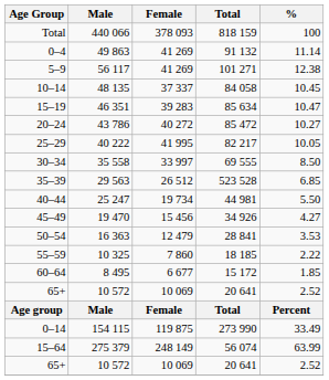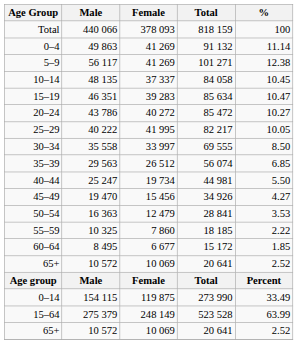 <table class="wikitable">
 <tr>
 <th width="80pt">Age Group</th>
 <th width="80pt">Male</th>
 <th width="80pt">Female</th>
 <th width="80pt">Total</th>
 <th width="80pt">%</th>
 </tr>
 <tr>
 <td align="right">Total</td>
 <td align="right">440 066</td>
 <td align="right">378 093</td>
 <td align="right">818 159</td>
 <td align="right">100</td>
 </tr>
 <tr>
 <td align="right">0–4</td>
 <td align="right">49 863</td>
 <td align="right">41 269</td>
 <td align="right">91 132</td>
 <td align="right">11.14</td>
 </tr>
 <tr>
 <td align="right">5–9</td>
 <td align="right">56 117</td>
 <td align="right">41 269</td>
 <td align="right">101 271</td>
 <td align="right">12.38</td>
 </tr>
 <tr>
 <td align="right">10–14</td>
 <td align="right">48 135</td>
 <td align="right">37 337</td>
 <td align="right">84 058</td>
 <td align="right">10.45</td>
 </tr>
 <tr>
 <td align="right">15–19</td>
 <td align="right">46 351</td>
 <td align="right">39 283</td>
 <td align="right">85 634</td>
 <td align="right">10.47</td>
 </tr>
 <tr>
 <td align="right">20–24</td>
 <td align="right">43 786</td>
 <td align="right">40 272</td>
 <td align="right">85 472</td>
 <td align="right">10.27</td>
 </tr>
 <tr>
 <td align="right">25–29</td>
 <td align="right">40 222</td>
 <td align="right">41 995</td>
 <td align="right">82 217</td>
 <td align="right">10.05</td>
 </tr>
 <tr>
 <td align="right">30–34</td>
 <td align="right">35 558</td>
 <td align="right">33 997</td>
 <td align="right">69 555</td>
 <td align="right">8.50</td>
 </tr>
 <tr>
 <td align="right">35–39</td>
 <td align="right">29 563</td>
 <td align="right">26 512</td>
-<td align="right">523 528</td>
+<td align="right">56 074</td>
 <td align="right">6.85</td>
 </tr>
 <tr>
 <td align="right">40–44</td>
 <td align="right">25 247</td>
 <td align="right">19 734</td>
 <td align="right">44 981</td>
 <td align="right">5.50</td>
 </tr>
 <tr>
 <td align="right">45–49</td>
 <td align="right">19 470</td>
 <td align="right">15 456</td>
 <td align="right">34 926</td>
 <td align="right">4.27</td>
 </tr>
 <tr>
 <td align="right">50–54</td>
 <td align="right">16 363</td>
 <td align="right">12 479</td>
 <td align="right">28 841</td>
 <td align="right">3.53</td>
 </tr>
 <tr>
 <td align="right">55–59</td>
 <td align="right">10 325</td>
 <td align="right">7 860</td>
 <td align="right">18 185</td>
 <td align="right">2.22</td>
 </tr>
 <tr>
 <td align="right">60–64</td>
 <td align="right">8 495</td>
 <td align="right">6 677</td>
 <td align="right">15 172</td>
 <td align="right">1.85</td>
 </tr>
 <tr>
 <td align="right">65+</td>
 <td align="right">10 572</td>
 <td align="right">10 069</td>
 <td align="right">20 641</td>
 <td align="right">2.52</td>
 </tr>
 <tr>
 <th width="50">Age group</th>
 <th width="80pt">Male</th>
 <th width="80">Female</th>
 <th width="80">Total</th>
 <th width="50">Percent</th>
 </tr>
 <tr>
 <td align="right">0–14</td>
 <td align="right">154 115</td>
 <td align="right">119 875</td>
 <td align="right">273 990</td>
 <td align="right">33.49</td>
 </tr>
 <tr>
 <td align="right">15–64</td>
 <td align="right">275 379</td>
 <td align="right">248 149</td>
-<td align="right">56 074</td>
+<td align="right">523 528</td>
 <td align="right">63.99</td>
 </tr>
 <tr>
 <td align="right">65+</td>
 <td align="right">10 572</td>
 <td align="right">10 069</td>
 <td align="right">20 641</td>
 <td align="right">2.52</td>
 </tr>
 <tr>
 </tr>
 </table>
